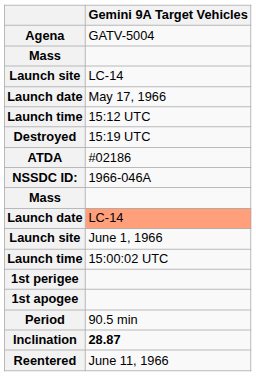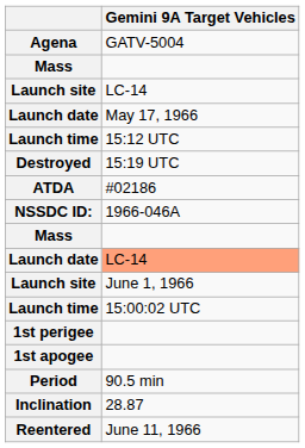 <table class="wikitable plainrowheaders" style="float: right; margin-right: 0; margin-left: 1em; clear:right;">
 <tr>
 <th></th>
 <th scope="col">Gemini 9A Target Vehicles</th>
 </tr>
 <tr>
 <th scope="row"><strong>Agena</strong></th>
 <td>GATV-5004</td>
 </tr>
 <tr>
 <th scope="row">Mass</th>
 <td></td>
 </tr>
 <tr>
 <th scope="row">Launch site</th>
 <td>LC-14</td>
 </tr>
 <tr>
 <th scope="row">Launch date</th>
 <td>May 17, 1966</td>
 </tr>
 <tr>
 <th scope="row">Launch time</th>
 <td>15:12 UTC</td>
 </tr>
 <tr>
 <th scope="row">Destroyed</th>
 <td>15:19 UTC</td>
 </tr>
 <tr>
 <th scope="row"><strong>ATDA</strong></th>
 <td>#02186</td>
 </tr>
 <tr>
 <th scope="row">NSSDC ID:</th>
 <td>1966-046A</td>
 </tr>
 <tr>
 <th scope="row">Mass</th>
 <td></td>
 </tr>
 <tr>
 <th scope="row">Launch date</th>
 <td style="background: lightsalmon;">LC-14</td>
 </tr>
 <tr>
 <th scope="row">Launch site</th>
 <td>June 1, 1966</td>
 </tr>
 <tr>
 <th scope="row">Launch time</th>
 <td>15:00:02 UTC</td>
 </tr>
 <tr>
 <th scope="row">1st perigee</th>
 <td></td>
 </tr>
 <tr>
 <th scope="row">1st apogee</th>
 <td></td>
 </tr>
 <tr>
 <th scope="row">Period</th>
 <td>90.5 min</td>
 </tr>
 <tr>
 <th scope="row">Inclination</th>
-<td><strong>28.87</strong></td>
+<td>28.87</td>
 </tr>
 <tr>
 <th scope="row">Reentered</th>
 <td>June 11, 1966</td>
 </tr>
 </table>
